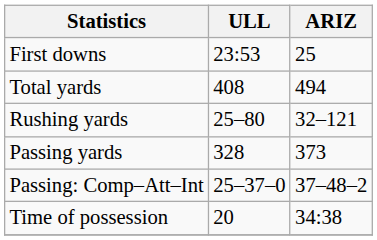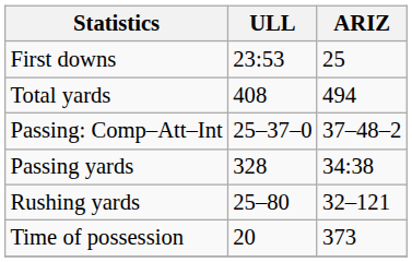 <table class="wikitable" style="float: left;">
 <tr>
 <th>Statistics</th>
 <th>ULL</th>
 <th>ARIZ</th>
 </tr>
 <tr>
 <td>First downs</td>
 <td>23:53</td>
 <td>25</td>
 </tr>
 <tr>
 <td>Total yards</td>
 <td>408</td>
 <td>494</td>
 </tr>
 <tr>
+<td>Passing: Comp–Att–Int</td>
+<td>25–37–0</td>
+<td>37–48–2</td>
+</tr>
+<tr>
+<td>Passing yards</td>
+<td>328</td>
+<td>34:38</td>
+</tr>
+<tr>
 <td>Rushing yards</td>
 <td>25–80</td>
 <td>32–121</td>
 </tr>
 <tr>
-<td>Passing yards</td>
-<td>328</td>
-<td>373</td>
-</tr>
-<tr>
-<td>Passing: Comp–Att–Int</td>
-<td>25–37–0</td>
-<td>37–48–2</td>
-</tr>
-<tr>
 <td>Time of possession</td>
 <td>20</td>
-<td>34:38</td>
+<td>373</td>
 </tr>
 <tr>
 </tr>
 </table>
